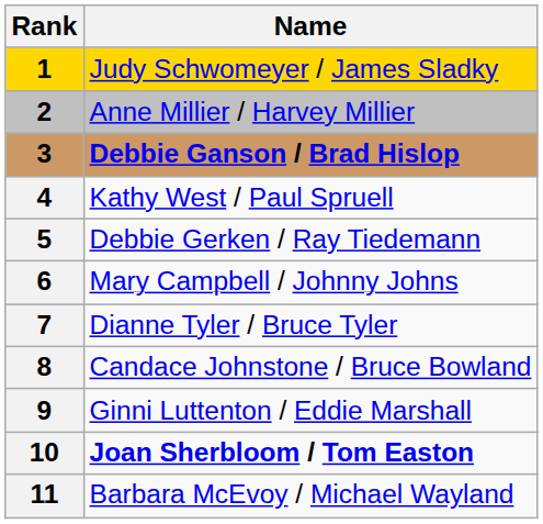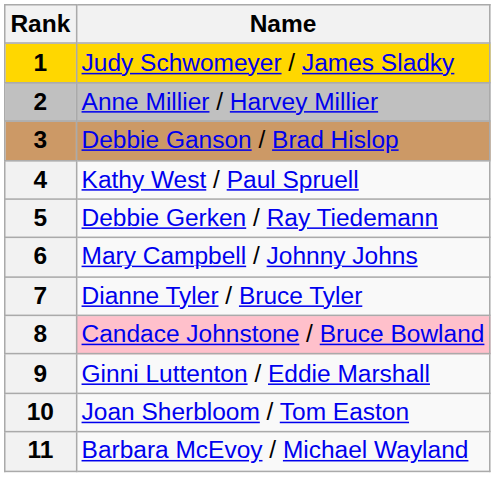 <table class="wikitable">
 <tr>
 <th>Rank</th>
 <th>Name</th>
 </tr>
 <tr bgcolor="gold">
 <td align="center"><strong>1</strong></td>
 <td><a href='#'>Judy Schwomeyer</a> / <a href='#'>James Sladky</a></td>
 </tr>
 <tr bgcolor="silver">
 <td align="center"><strong>2</strong></td>
 <td><a href='#'>Anne Millier</a> / <a href='#'>Harvey Millier</a></td>
 </tr>
 <tr bgcolor="cc9966">
 <td align="center"><strong>3</strong></td>
-<td><strong><a href='#'>Debbie Ganson</a> / <a href='#'>Brad Hislop</a></strong></td>
+<td><a href='#'>Debbie Ganson</a> / <a href='#'>Brad Hislop</a></td>
 </tr>
 <tr>
 <th>4</th>
 <td><a href='#'>Kathy West</a> / <a href='#'>Paul Spruell</a></td>
 </tr>
 <tr>
 <th>5</th>
 <td><a href='#'>Debbie Gerken</a> / <a href='#'>Ray Tiedemann</a></td>
 </tr>
 <tr>
 <th>6</th>
 <td><a href='#'>Mary Campbell</a> / <a href='#'>Johnny Johns</a></td>
 </tr>
 <tr>
 <th>7</th>
 <td><a href='#'>Dianne Tyler</a> / <a href='#'>Bruce Tyler</a></td>
 </tr>
 <tr>
 <th>8</th>
-<td><a href='#'>Candace Johnstone</a> / <a href='#'>Bruce Bowland</a></td>
+<td style="background: pink;"><a href='#'>Candace Johnstone</a> / <a href='#'>Bruce Bowland</a></td>
 </tr>
 <tr>
 <th>9</th>
 <td><a href='#'>Ginni Luttenton</a> / <a href='#'>Eddie Marshall</a></td>
 </tr>
 <tr>
 <th>10</th>
-<td><strong><a href='#'>Joan Sherbloom</a> / <a href='#'>Tom Easton</a></strong></td>
+<td><a href='#'>Joan Sherbloom</a> / <a href='#'>Tom Easton</a></td>
 </tr>
 <tr>
 <th>11</th>
 <td><a href='#'>Barbara McEvoy</a> / <a href='#'>Michael Wayland</a></td>
 </tr>
 </table>
